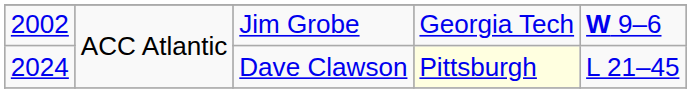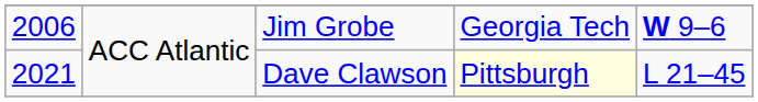 <table class="wikitable">
 <tr>
 </tr>
 <tr>
-<td><a href='#'>2002</a></td>
+<td><a href='#'>2006</a></td>
 <td rowspan="2”">ACC Atlantic</td>
 <td><a href='#'>Jim Grobe</a></td>
 <td><a href='#'>Georgia Tech</a></td>
 <td><a href='#'><strong>W</strong> 9–6</a></td>
 </tr>
 <tr>
-<td><a href='#'>2024</a></td>
+<td><a href='#'>2021</a></td>
 <td><a href='#'>Dave Clawson</a></td>
 <td style="background: lightyellow;"><a href='#'>Pittsburgh</a></td>
 <td><a href='#'>L 21–45</a></td>
 </tr>
 </table>
